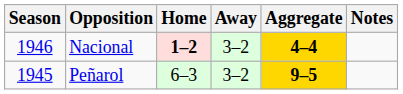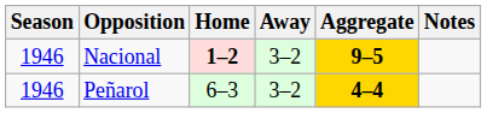 <table class="wikitable sortable">
 <tr>
 <th>Season</th>
 <th>Opposition</th>
 <th>Home</th>
 <th>Away</th>
 <th>Aggregate</th>
 <th>Notes</th>
 </tr>
 <tr>
 <td align=center><a href='#'>1946</a></td>
 <td> <a href='#'>Nacional</a></td>
 <td style="text-align:center; background:#fdd;"><strong>1–2</strong></td>
 <td style="text-align:center; background:#dfd;">3–2</td>
+<td bgcolor=gold style="text-align:center;"><strong>9–5</strong></td>
+<td style="text-align:center;"></td>
+</tr>
+<tr>
+<td align=center><a href='#'>1946</a></td>
+<td>  <a href='#'>Peñarol</a></td>
+<td style="text-align:center; background:#dfd;">6–3</td>
+<td style="text-align:center; background:#dfd;">3–2</td>
 <td bgcolor=gold style="text-align:center;"><strong>4–4</strong></td>
 <td style="text-align:center;"></td>
 </tr>
-<tr>
-<td align=center><a href='#'>1945</a></td>
-<td>  <a href='#'>Peñarol</a></td>
-<td style="text-align:center; background:#dfd;">6–3</td>
-<td style="text-align:center; background:#dfd;">3–2</td>
-<td bgcolor=gold style="text-align:center;"><strong>9–5</strong></td>
-<td style="text-align:center;"></td>
-</tr>
 </table>
